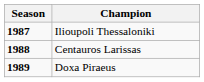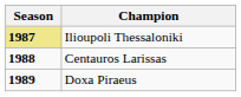 <table class="wikitable">
 <tr>
 <th width="60">Season</th>
 <th width="200">Champion</th>
 </tr>
 <tr>
-<td><strong>1987</strong></td>
+<td style="background: khaki;"><strong>1987</strong></td>
 <td>Ilioupoli Thessaloniki</td>
 </tr>
 <tr>
 <td><strong>1988</strong></td>
 <td>Centauros Larissas</td>
 </tr>
 <tr>
 <td><strong>1989</strong></td>
 <td>Doxa Piraeus</td>
 </tr>
 </table>
